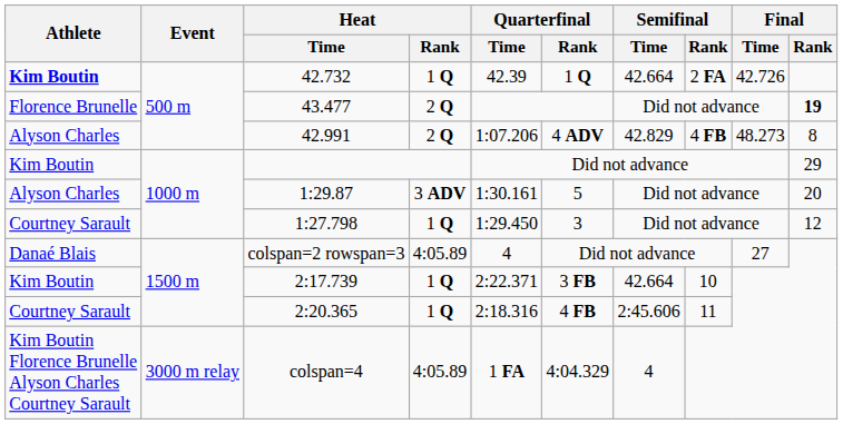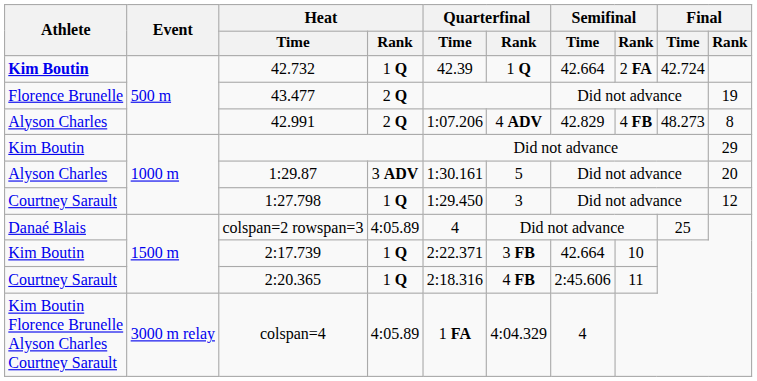 <table class=wikitable style=font-size:90%;text-align:center>
 <tr>
 <th rowspan=2>Athlete</th>
 <th rowspan=2>Event</th>
 <th colspan=2>Heat</th>
 <th colspan=2>Quarterfinal</th>
 <th colspan=2>Semifinal</th>
 <th colspan=2>Final</th>
 </tr>
 <tr style=font-size:95%>
 <th>Time</th>
 <th>Rank</th>
 <th>Time</th>
 <th>Rank</th>
 <th>Time</th>
 <th>Rank</th>
 <th>Time</th>
 <th>Rank</th>
 </tr>
 <tr>
 <td align=left><strong><a href='#'>Kim Boutin</a></strong></td>
 <td align=left rowspan=3><a href='#'>500 m</a></td>
 <td>42.732</td>
 <td>1 <strong>Q</strong></td>
 <td>42.39</td>
 <td>1 <strong>Q</strong></td>
 <td>42.664</td>
 <td>2 <strong>FA</strong></td>
-<td>42.726</td>
+<td>42.724</td>
 <td></td>
 </tr>
 <tr>
 <td align=left><a href='#'>Florence Brunelle</a></td>
 <td>43.477</td>
 <td>2 <strong>Q</strong></td>
 <td colspan=2></td>
 <td colspan=3>Did not advance</td>
-<td><strong>19</strong></td>
+<td>19</td>
 </tr>
 <tr>
 <td align=left><a href='#'>Alyson Charles</a></td>
 <td>42.991</td>
 <td>2 <strong>Q</strong></td>
 <td>1:07.206</td>
 <td>4 <strong>ADV</strong></td>
 <td>42.829</td>
 <td>4 <strong>FB</strong></td>
 <td>48.273</td>
 <td>8</td>
 </tr>
 <tr>
 <td align=left><a href='#'>Kim Boutin</a></td>
 <td align=left rowspan=3><a href='#'>1000 m</a></td>
 <td colspan=2></td>
 <td colspan=5>Did not advance</td>
 <td>29</td>
 </tr>
 <tr>
 <td align=left><a href='#'>Alyson Charles</a></td>
 <td>1:29.87</td>
 <td>3 <strong>ADV</strong></td>
 <td>1:30.161</td>
 <td>5</td>
 <td colspan=3>Did not advance</td>
 <td>20</td>
 </tr>
 <tr>
 <td align=left><a href='#'>Courtney Sarault</a></td>
 <td>1:27.798</td>
 <td>1 <strong>Q</strong></td>
 <td>1:29.450</td>
 <td>3</td>
 <td colspan=3>Did not advance</td>
 <td>12</td>
 </tr>
 <tr>
 <td align=left><a href='#'>Danaé Blais</a></td>
 <td align=left rowspan=3><a href='#'>1500 m</a></td>
 <td>colspan=2 rowspan=3 </td>
 <td>4:05.89</td>
 <td>4</td>
 <td colspan=3>Did not advance</td>
-<td>27</td>
+<td>25</td>
 </tr>
 <tr>
 <td align=left><a href='#'>Kim Boutin</a></td>
 <td>2:17.739</td>
 <td>1 <strong>Q</strong></td>
 <td>2:22.371</td>
 <td>3 <strong>FB</strong></td>
 <td>42.664</td>
 <td>10</td>
 </tr>
 <tr>
 <td align=left><a href='#'>Courtney Sarault</a></td>
 <td>2:20.365</td>
 <td>1 <strong>Q</strong></td>
 <td>2:18.316</td>
 <td>4 <strong>FB</strong></td>
 <td>2:45.606</td>
 <td>11</td>
 </tr>
 <tr>
 <td align=left><a href='#'>Kim Boutin</a><br><a href='#'>Florence Brunelle</a><br><a href='#'>Alyson Charles</a><br><a href='#'>Courtney Sarault</a></td>
 <td align=left><a href='#'>3000 m relay</a></td>
 <td>colspan=4 </td>
 <td>4:05.89</td>
 <td>1 <strong>FA</strong></td>
 <td>4:04.329</td>
 <td>4</td>
 </tr>
 </table>
